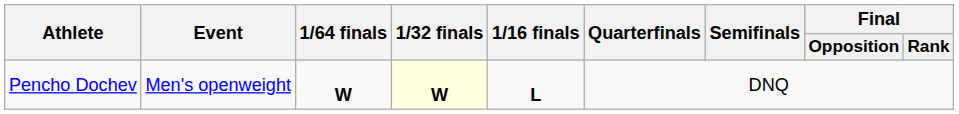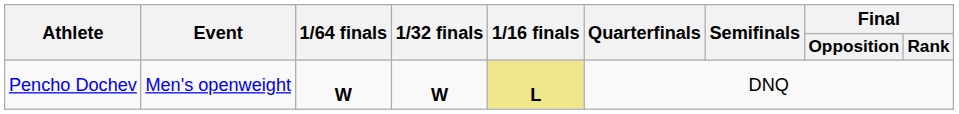 <table class="wikitable" style="font-size:90%">
 <tr>
 <th rowspan=2>Athlete</th>
 <th rowspan=2>Event</th>
 <th rowspan=2>1/64 finals</th>
 <th rowspan=2>1/32 finals</th>
 <th rowspan=2>1/16 finals</th>
 <th rowspan=2>Quarterfinals</th>
 <th rowspan=2>Semifinals</th>
 <th colspan=2>Final</th>
 </tr>
 <tr style="font-size:95%">
 <th>Opposition</th>
 <th>Rank</th>
 </tr>
 <tr align=center>
 <td align=left><a href='#'>Pencho Dochev</a></td>
 <td align=left rowspan=5><a href='#'>Men's openweight</a></td>
 <td><br> <strong>W</strong></td>
-<td style="background: lightyellow;"><br> <strong>W</strong></td>
-<td><br> <strong>L</strong></td>
+<td><br> <strong>W</strong></td>
+<td style="background: khaki;"><br> <strong>L</strong></td>
 <td colspan=4>DNQ</td>
 </tr>
 </table>
